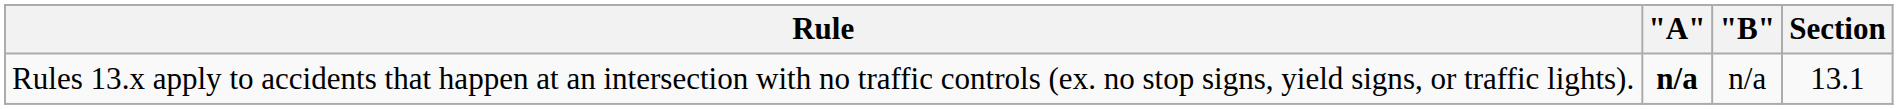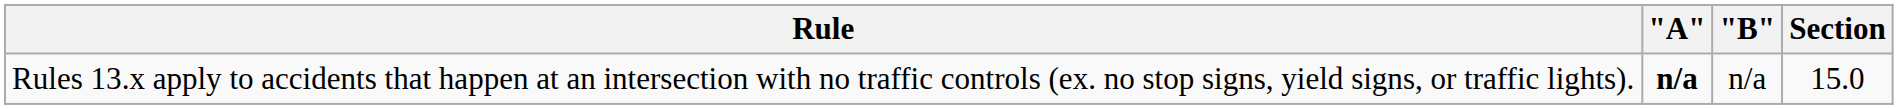 <table class="wikitable">
 <tr>
 <th style="text-align: center; font-weight: bold;">Rule</th>
 <th style="text-align: center;">"A"</th>
 <th style="text-align: center;">"B"</th>
 <th style="text-align: center; font-weight: bold;">Section</th>
 </tr>
 <tr>
 <td style="text-align: center;">Rules 13.x apply to accidents that happen at an intersection with no traffic controls (ex. no stop signs, yield signs, or traffic lights).</td>
 <td style="text-align: center;"><strong>n/a</strong></td>
 <td style="text-align: center;">n/a</td>
-<td style="text-align: center;">13.1</td>
+<td style="text-align: center;">15.0</td>
 </tr>
 </table>
